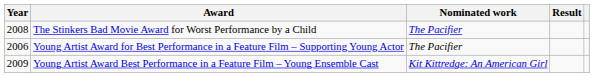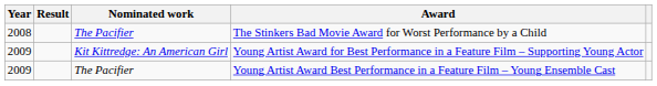 <table class="wikitable sortable">
 <tr>
 <th>Year</th>
+<th>Result</th>
+<th>Nominated work</th>
 <th>Award</th>
-<th>Nominated work</th>
-<th>Result</th>
 <th class="unsortable"></th>
 </tr>
 <tr>
 <td>2008</td>
+<td></td>
+<td data-sort-value="Pacifier, The"><em><a href='#'>The Pacifier</a></em></td>
 <td><a href='#'>The Stinkers Bad Movie Award</a> for Worst Performance by a Child</td>
-<td data-sort-value="Pacifier, The"><em><a href='#'>The Pacifier</a></em></td>
-<td></td>
 <td></td>
 </tr>
 <tr>
-<td>2006</td>
+<td>2009</td>
+<td></td>
+<td><em><a href='#'>Kit Kittredge: An American Girl</a></em></td>
 <td><a href='#'>Young Artist Award for Best Performance in a Feature Film – Supporting Young Actor</a></td>
-<td data-sort-value="Pacifier, The"><em>The Pacifier</em></td>
-<td></td>
 <td style="text-align: center;"></td>
 </tr>
 <tr>
 <td>2009</td>
+<td></td>
+<td data-sort-value="Pacifier, The"><em>The Pacifier</em></td>
 <td><a href='#'>Young Artist Award Best Performance in a Feature Film – Young Ensemble Cast</a></td>
-<td><em><a href='#'>Kit Kittredge: An American Girl</a></em></td>
-<td></td>
 <td style="text-align: center;"></td>
 </tr>
 </table>
